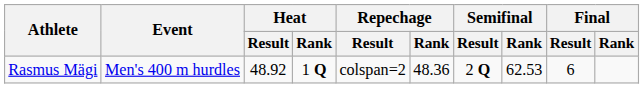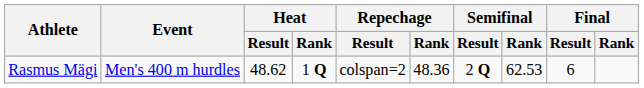 <table class="wikitable" style="font-size:90%">
 <tr>
 <th rowspan="2">Athlete</th>
 <th rowspan="2">Event</th>
 <th colspan="2">Heat</th>
 <th colspan="2">Repechage</th>
 <th colspan="2">Semifinal</th>
 <th colspan="2">Final</th>
 </tr>
 <tr style="font-size:95%">
 <th>Result</th>
 <th>Rank</th>
 <th>Result</th>
 <th>Rank</th>
 <th>Result</th>
 <th>Rank</th>
 <th>Result</th>
 <th>Rank</th>
 </tr>
 <tr align=center>
 <td align=left><a href='#'>Rasmus Mägi</a></td>
 <td align=left><a href='#'>Men's 400 m hurdles</a></td>
-<td>48.92</td>
+<td>48.62</td>
 <td>1 <strong>Q</strong></td>
 <td>colspan=2 </td>
 <td>48.36</td>
 <td>2 <strong>Q</strong></td>
 <td>62.53</td>
 <td>6</td>
 </tr>
 </table>
